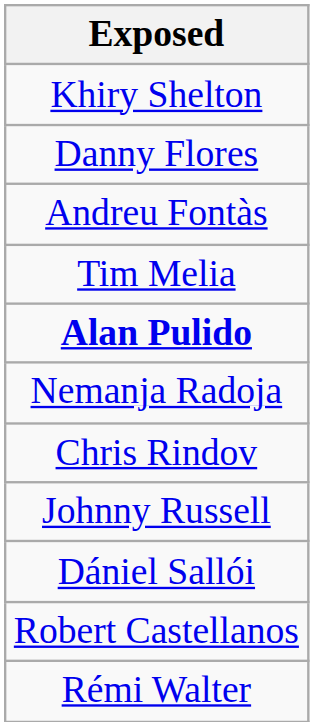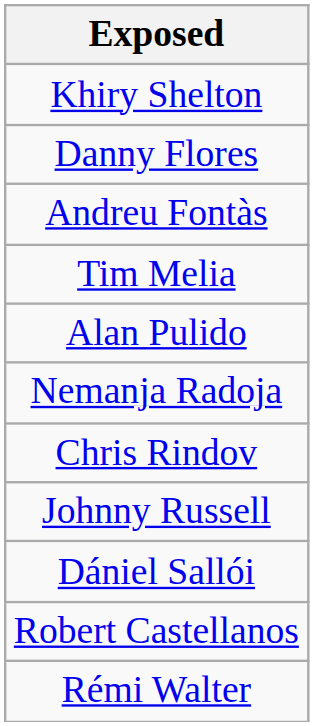 <table class="wikitable" style="text-align:center">
 <tr>
 <th>Exposed</th>
 </tr>
 <tr>
 <td><a href='#'>Khiry Shelton</a></td>
 </tr>
 <tr>
 <td><a href='#'>Danny Flores</a></td>
 </tr>
 <tr>
 <td><a href='#'>Andreu Fontàs</a></td>
 </tr>
 <tr>
 <td><a href='#'>Tim Melia</a></td>
 </tr>
 <tr>
-<td><strong><a href='#'>Alan Pulido</a></strong></td>
+<td><a href='#'>Alan Pulido</a></td>
 </tr>
 <tr>
 <td><a href='#'>Nemanja Radoja</a></td>
 </tr>
 <tr>
 <td><a href='#'>Chris Rindov</a></td>
 </tr>
 <tr>
 <td><a href='#'>Johnny Russell</a></td>
 </tr>
 <tr>
 <td><a href='#'>Dániel Sallói</a></td>
 </tr>
 <tr>
 <td><a href='#'>Robert Castellanos</a></td>
 </tr>
 <tr>
 <td><a href='#'>Rémi Walter</a></td>
 </tr>
 </table>
